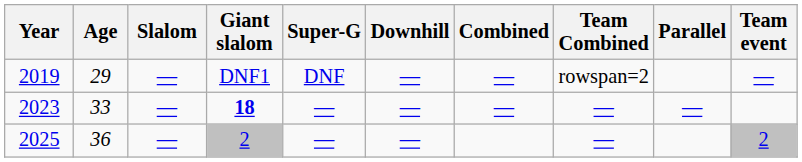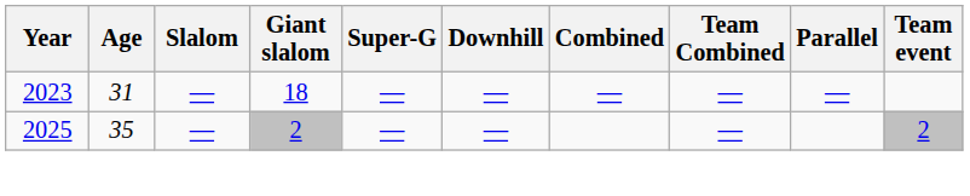 <table class=wikitable style="text-align:center">
 <tr>
 <th>  Year  </th>
 <th> Age </th>
 <th> Slalom </th>
 <th> Giant <br> slalom </th>
 <th>Super-G</th>
 <th>Downhill</th>
 <th>Combined</th>
 <th>Team<br>Combined</th>
 <th>Parallel</th>
 <th>Team<br> event </th>
 </tr>
 <tr>
-<td><a href='#'>2019</a></td>
-<td><em>29</em></td>
+<td><a href='#'>2023</a></td>
+<td><em>31</em></td>
 <td><a href='#'>—</a></td>
-<td><a href='#'>DNF1</a></td>
-<td><a href='#'>DNF</a></td>
-<td><a href='#'>—</a></td>
-<td><a href='#'>—</a></td>
-<td>rowspan=2</td>
-<td></td>
-<td><a href='#'>—</a></td>
-</tr>
-<tr>
-<td><a href='#'>2023</a></td>
-<td><em>33</em></td>
-<td><a href='#'>—</a></td>
-<td><strong><a href='#'>18</a></strong></td>
+<td><a href='#'>18</a></td>
 <td><a href='#'>—</a></td>
 <td><a href='#'>—</a></td>
 <td><a href='#'>—</a></td>
 <td><a href='#'>—</a></td>
 <td><a href='#'>—</a></td>
 </tr>
 <tr>
 <td><a href='#'>2025</a></td>
-<td><em>36</em></td>
+<td><em>35</em></td>
 <td><a href='#'>—</a></td>
 <td bgcolor=silver><a href='#'>2</a></td>
 <td><a href='#'>—</a></td>
 <td><a href='#'>—</a></td>
 <td></td>
 <td><a href='#'>—</a></td>
 <td></td>
 <td bgcolor=silver><a href='#'>2</a></td>
 </tr>
 </table>
